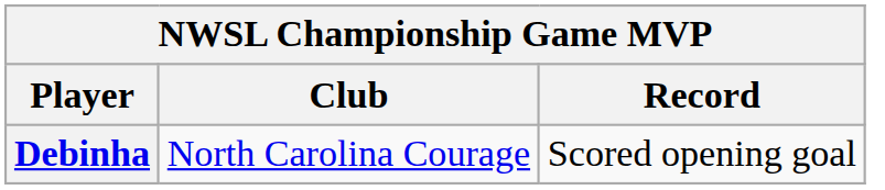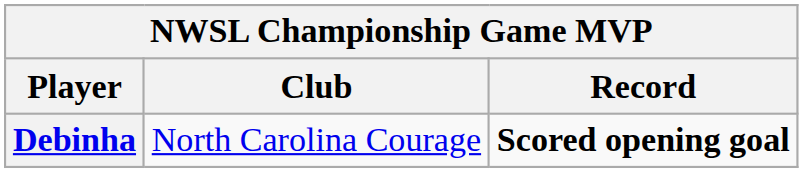 <table class="wikitable">
 <tr>
 <th colspan=3>NWSL Championship Game MVP</th>
 </tr>
 <tr>
 <th>Player</th>
 <th>Club</th>
 <th>Record</th>
 </tr>
 <tr>
 <th><strong> <a href='#'>Debinha</a></strong></th>
 <td><a href='#'>North Carolina Courage</a></td>
-<td>Scored opening goal</td>
+<td><strong>Scored opening goal</strong></td>
 </tr>
 </table>
